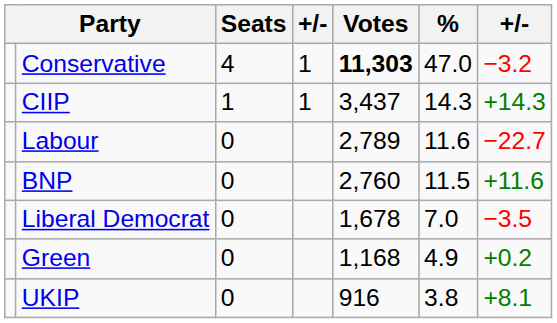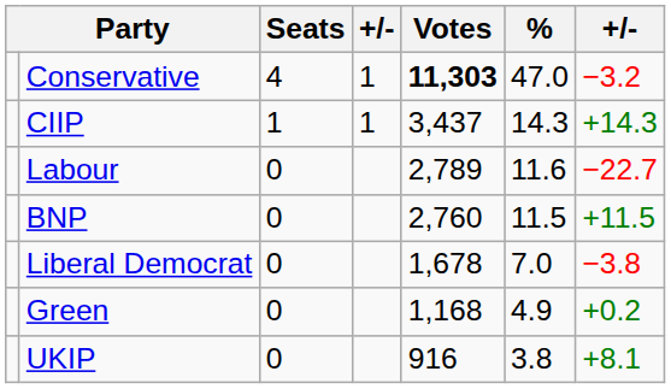 <table class="wikitable">
 <tr>
 <th colspan="2">Party</th>
 <th>Seats</th>
 <th>+/-</th>
 <th>Votes</th>
 <th>%</th>
 <th>+/-</th>
 </tr>
 <tr>
 <td style="background-color: "></td>
 <td><a href='#'>Conservative</a></td>
 <td>4</td>
 <td> 1</td>
 <td><strong>11,303</strong></td>
 <td>47.0</td>
 <td style="color:red">−3.2</td>
 </tr>
 <tr>
 <td style="background-color: "></td>
 <td><a href='#'>CIIP</a></td>
 <td>1</td>
 <td> 1</td>
 <td>3,437</td>
 <td>14.3</td>
 <td style="color:green">+14.3</td>
 </tr>
 <tr>
 <td style="background-color: "></td>
 <td><a href='#'>Labour</a></td>
 <td>0</td>
 <td></td>
 <td>2,789</td>
 <td>11.6</td>
 <td style="color:red">−22.7</td>
 </tr>
 <tr>
 <td style="background-color: "></td>
 <td><a href='#'>BNP</a></td>
 <td>0</td>
 <td></td>
 <td>2,760</td>
 <td>11.5</td>
-<td style="color:green">+11.6</td>
+<td style="color:green">+11.5</td>
 </tr>
 <tr>
 <td style="background-color: "></td>
 <td><a href='#'>Liberal Democrat</a></td>
 <td>0</td>
 <td></td>
 <td>1,678</td>
 <td>7.0</td>
-<td style="color:red">−3.5</td>
+<td style="color:red">−3.8</td>
 </tr>
 <tr>
 <td style="background-color: "></td>
 <td><a href='#'>Green</a></td>
 <td>0</td>
 <td></td>
 <td>1,168</td>
 <td>4.9</td>
 <td style="color:green">+0.2</td>
 </tr>
 <tr>
 <td style="background-color: "></td>
 <td><a href='#'>UKIP</a></td>
 <td>0</td>
 <td></td>
 <td>916</td>
 <td>3.8</td>
 <td style="color:green">+8.1</td>
 </tr>
 </table>
